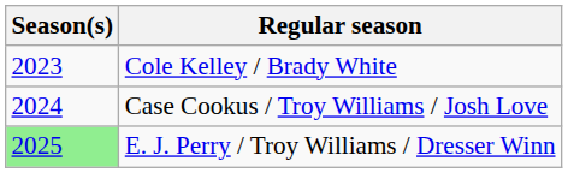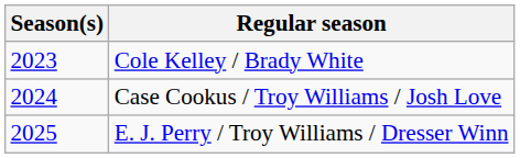 <table class="wikitable">
 <tr>
 <th>Season(s)</th>
 <th>Regular season</th>
 </tr>
 <tr>
 <td><a href='#'>2023</a></td>
 <td><a href='#'>Cole Kelley</a>  / <a href='#'>Brady White</a> </td>
 </tr>
 <tr>
 <td><a href='#'>2024</a></td>
 <td>Case Cookus  / <a href='#'>Troy Williams</a>  / <a href='#'>Josh Love</a> </td>
 </tr>
 <tr>
-<td style="background: lightgreen;"><a href='#'>2025</a></td>
+<td><a href='#'>2025</a></td>
 <td><a href='#'>E. J. Perry</a>  / Troy Williams  / <a href='#'>Dresser Winn</a> </td>
 </tr>
 </table>
